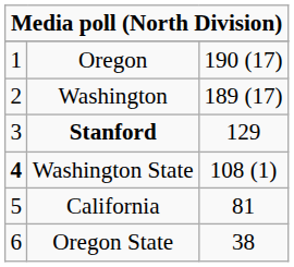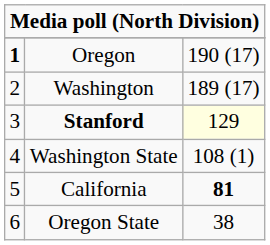 <table class="wikitable" style="display: inline-table;">
 <tr>
 <td align="center" Colspan="3"><strong>Media poll (North Division)</strong></td>
 </tr>
 <tr align="center">
 </tr>
 <tr align="center">
-<td>1</td>
+<td><strong>1</strong></td>
 <td>Oregon</td>
 <td>190 (17)</td>
 </tr>
 <tr align="center">
 <td>2</td>
 <td>Washington</td>
 <td>189 (17)</td>
 </tr>
 <tr align="center">
 <td>3</td>
 <td><strong>Stanford</strong></td>
-<td>129</td>
+<td style="background: lightyellow;">129</td>
 </tr>
 <tr align="center">
-<td><strong>4</strong></td>
+<td>4</td>
 <td>Washington State</td>
 <td>108 (1)</td>
 </tr>
 <tr align="center">
 <td>5</td>
 <td>California</td>
-<td>81</td>
+<td><strong>81</strong></td>
 </tr>
 <tr align="center">
 <td>6</td>
 <td>Oregon State</td>
 <td>38</td>
 </tr>
 </table>
